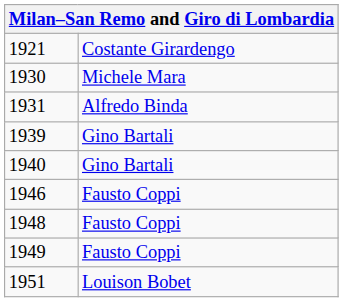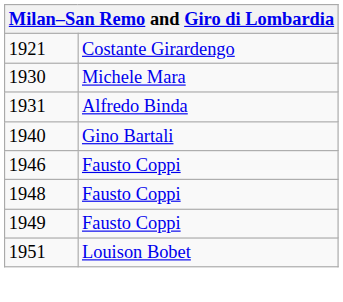 <table class="wikitable">
 <tr>
 <th colspan=2><a href='#'>Milan–San Remo</a> and <a href='#'>Giro di Lombardia</a></th>
 </tr>
 <tr>
 <td>1921</td>
 <td> <a href='#'>Costante Girardengo</a></td>
 </tr>
 <tr>
 <td>1930</td>
 <td> <a href='#'>Michele Mara</a></td>
 </tr>
 <tr>
 <td>1931</td>
 <td> <a href='#'>Alfredo Binda</a></td>
-</tr>
-<tr>
-<td>1939</td>
-<td> <a href='#'>Gino Bartali</a></td>
 </tr>
 <tr>
 <td>1940</td>
 <td> <a href='#'>Gino Bartali</a></td>
 </tr>
 <tr>
 <td>1946</td>
 <td> <a href='#'>Fausto Coppi</a></td>
 </tr>
 <tr>
 <td>1948</td>
 <td> <a href='#'>Fausto Coppi</a></td>
 </tr>
 <tr>
 <td>1949</td>
 <td> <a href='#'>Fausto Coppi</a></td>
 </tr>
 <tr>
 <td>1951</td>
 <td> <a href='#'>Louison Bobet</a></td>
 </tr>
 </table>
